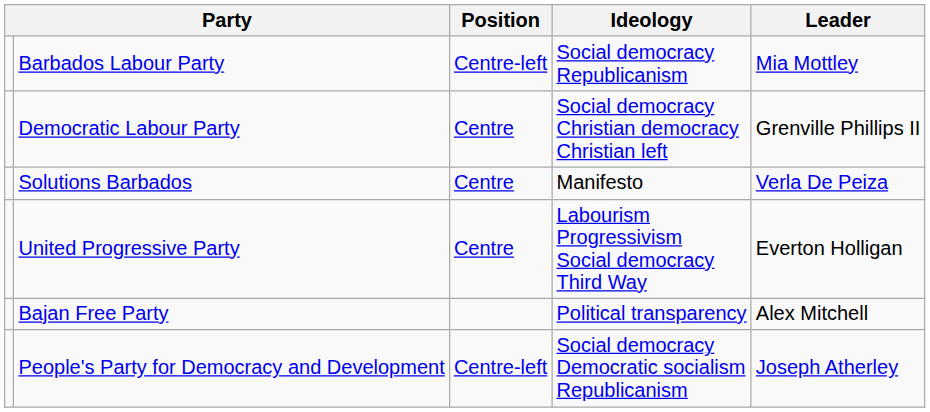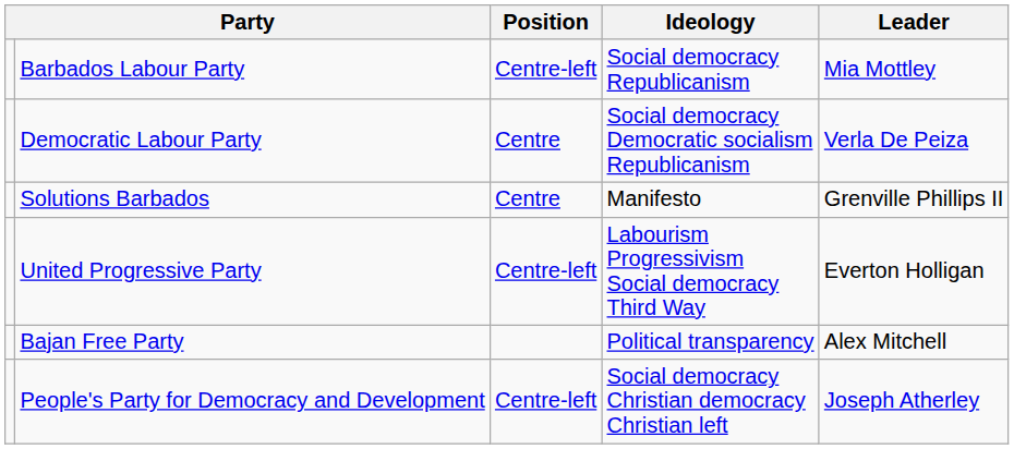 <table class="wikitable sortable">
 <tr>
 <th colspan="2">Party</th>
 <th>Position</th>
 <th>Ideology</th>
 <th>Leader<br></th>
 </tr>
 <tr>
 <td></td>
 <td><a href='#'>Barbados Labour Party</a></td>
 <td><a href='#'>Centre-left</a></td>
 <td><a href='#'>Social democracy</a><br><a href='#'>Republicanism</a></td>
 <td><a href='#'>Mia Mottley</a><br></td>
 </tr>
 <tr>
 <td></td>
 <td><a href='#'>Democratic Labour Party</a></td>
 <td><a href='#'>Centre</a></td>
-<td><a href='#'>Social democracy</a><br><a href='#'>Christian democracy</a><br><a href='#'>Christian left</a></td>
-<td>Grenville Phillips II<br></td>
+<td><a href='#'>Social democracy</a><br><a href='#'>Democratic socialism</a><br><a href='#'>Republicanism</a></td>
+<td><a href='#'>Verla De Peiza</a><br></td>
 </tr>
 <tr>
 <td></td>
 <td><a href='#'>Solutions Barbados</a></td>
 <td><a href='#'>Centre</a></td>
 <td>Manifesto</td>
-<td><a href='#'>Verla De Peiza</a><br></td>
+<td>Grenville Phillips II<br></td>
 </tr>
 <tr>
 <td></td>
 <td><a href='#'>United Progressive Party</a></td>
-<td><a href='#'>Centre</a></td>
+<td><a href='#'>Centre-left</a></td>
 <td><a href='#'>Labourism</a><br><a href='#'>Progressivism</a><br><a href='#'>Social democracy</a><br><a href='#'>Third Way</a></td>
 <td>Everton Holligan<br></td>
 </tr>
 <tr>
 <td></td>
 <td><a href='#'>Bajan Free Party</a></td>
 <td></td>
 <td><a href='#'>Political transparency</a></td>
 <td>Alex Mitchell<br></td>
 </tr>
 <tr>
 <td></td>
 <td><a href='#'>People's Party for Democracy and Development</a></td>
 <td><a href='#'>Centre-left</a></td>
-<td><a href='#'>Social democracy</a><br><a href='#'>Democratic socialism</a><br><a href='#'>Republicanism</a></td>
+<td><a href='#'>Social democracy</a><br><a href='#'>Christian democracy</a><br><a href='#'>Christian left</a></td>
 <td><a href='#'>Joseph Atherley</a><br></td>
 </tr>
 </table>
